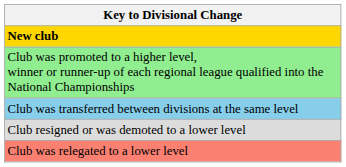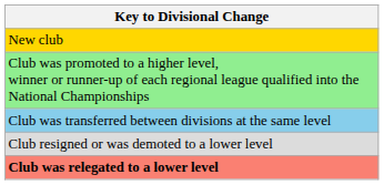 <table class="wikitable" width=30% style="font-size:90%">
 <tr>
 <th width=100%><strong>Key to Divisional Change</strong></th>
 </tr>
 <tr>
-<td style="background:gold"><strong>New club</strong></td>
+<td style="background:gold">New club</td>
 </tr>
 <tr>
 <td style="background:lightgreen">Club was promoted to a higher level,<br>winner or runner-up of each regional league qualified into the National Championships</td>
 </tr>
 <tr>
 <td style="background:skyblue">Club was transferred between divisions at the same level</td>
 </tr>
 <tr>
 <td style="background:gainsboro">Club resigned or was demoted to a lower level</td>
 </tr>
 <tr>
-<td style="background:salmon">Club was relegated to a lower level</td>
+<td style="background:salmon"><strong>Club was relegated to a lower level</strong></td>
 </tr>
 </table>
